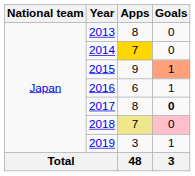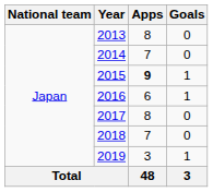 <table class="wikitable" style="text-align:center">
 <tr>
 <th>National team</th>
 <th>Year</th>
 <th>Apps</th>
 <th>Goals</th>
 </tr>
 <tr>
 <td rowspan="7"><a href='#'>Japan</a></td>
 <td><a href='#'>2013</a></td>
 <td>8</td>
 <td>0</td>
 </tr>
 <tr>
 <td><a href='#'>2014</a></td>
-<td style="background: gold;">7</td>
+<td>7</td>
 <td>0</td>
 </tr>
 <tr>
 <td><a href='#'>2015</a></td>
-<td>9</td>
-<td style="background: lightsalmon;">1</td>
+<td><strong>9</strong></td>
+<td>1</td>
 </tr>
 <tr>
 <td><a href='#'>2016</a></td>
 <td>6</td>
 <td>1</td>
 </tr>
 <tr>
 <td><a href='#'>2017</a></td>
 <td>8</td>
-<td><strong>0</strong></td>
+<td>0</td>
 </tr>
 <tr>
 <td><a href='#'>2018</a></td>
-<td style="background: khaki;">7</td>
-<td style="background: pink;">0</td>
+<td>7</td>
+<td>0</td>
 </tr>
 <tr>
 <td><a href='#'>2019</a></td>
 <td>3</td>
 <td>1</td>
 </tr>
 <tr>
 <th colspan="2">Total</th>
 <th>48</th>
 <th>3</th>
 </tr>
 </table>
